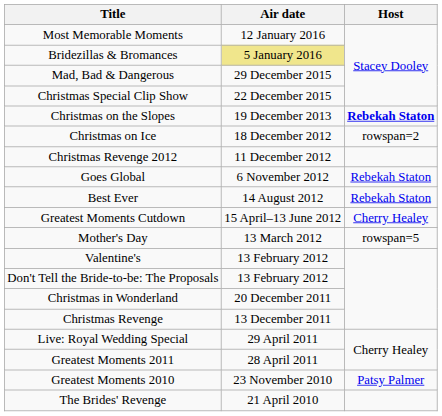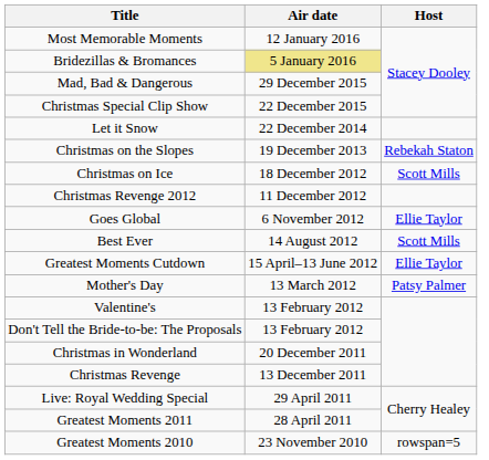 <table class="wikitable" style="text-align:center;">
 <tr>
 <th>Title</th>
 <th>Air date</th>
 <th>Host</th>
 </tr>
 <tr>
 <td>Most Memorable Moments</td>
 <td>12 January 2016</td>
 <td rowspan=4><a href='#'>Stacey Dooley</a></td>
 </tr>
 <tr>
 <td>Bridezillas & Bromances</td>
 <td style="background: khaki;">5 January 2016</td>
 </tr>
 <tr>
 <td>Mad, Bad & Dangerous</td>
 <td>29 December 2015</td>
 </tr>
 <tr>
 <td>Christmas Special Clip Show</td>
 <td>22 December 2015</td>
 </tr>
 <tr>
+<td>Let it Snow</td>
+<td>22 December 2014</td>
+<td></td>
+</tr>
+<tr>
 <td>Christmas on the Slopes</td>
 <td>19 December 2013</td>
-<td><strong><a href='#'>Rebekah Staton</a></strong></td>
+<td><a href='#'>Rebekah Staton</a></td>
 </tr>
 <tr>
 <td>Christmas on Ice</td>
 <td>18 December 2012</td>
-<td>rowspan=2 </td>
+<td><a href='#'>Scott Mills</a></td>
 </tr>
 <tr>
 <td>Christmas Revenge 2012</td>
 <td>11 December 2012</td>
 </tr>
 <tr>
 <td>Goes Global</td>
 <td>6 November 2012</td>
-<td><a href='#'>Rebekah Staton</a></td>
+<td><a href='#'>Ellie Taylor</a></td>
 </tr>
 <tr>
 <td>Best Ever</td>
 <td>14 August 2012</td>
-<td><a href='#'>Rebekah Staton</a></td>
+<td><a href='#'>Scott Mills</a></td>
 </tr>
 <tr>
 <td>Greatest Moments Cutdown</td>
 <td>15 April–13 June 2012</td>
-<td><a href='#'>Cherry Healey</a></td>
+<td><a href='#'>Ellie Taylor</a></td>
 </tr>
 <tr>
 <td>Mother's Day</td>
 <td>13 March 2012</td>
-<td>rowspan=5 </td>
+<td><a href='#'>Patsy Palmer</a></td>
 </tr>
 <tr>
 <td>Valentine's</td>
 <td>13 February 2012</td>
 </tr>
 <tr>
 <td>Don't Tell the Bride-to-be: The Proposals</td>
 <td>13 February 2012</td>
 </tr>
 <tr>
 <td>Christmas in Wonderland</td>
 <td>20 December 2011</td>
 </tr>
 <tr>
 <td>Christmas Revenge</td>
 <td>13 December 2011</td>
 </tr>
 <tr>
 <td>Live: Royal Wedding Special</td>
 <td>29 April 2011</td>
 <td rowspan=2>Cherry Healey</td>
 </tr>
 <tr>
 <td>Greatest Moments 2011</td>
 <td>28 April 2011</td>
 </tr>
 <tr>
 <td>Greatest Moments 2010</td>
 <td>23 November 2010</td>
-<td><a href='#'>Patsy Palmer</a></td>
-</tr>
-<tr>
-<td>The Brides' Revenge</td>
-<td>21 April 2010</td>
-<td></td>
+<td>rowspan=5 </td>
 </tr>
 </table>
